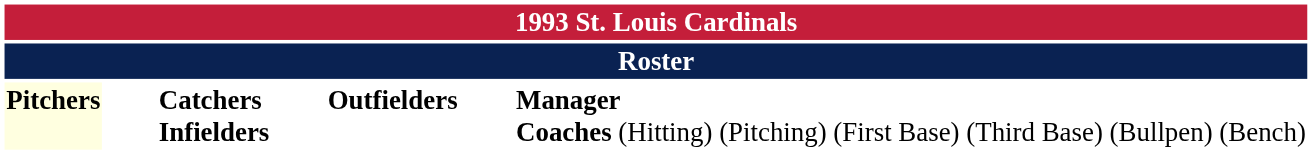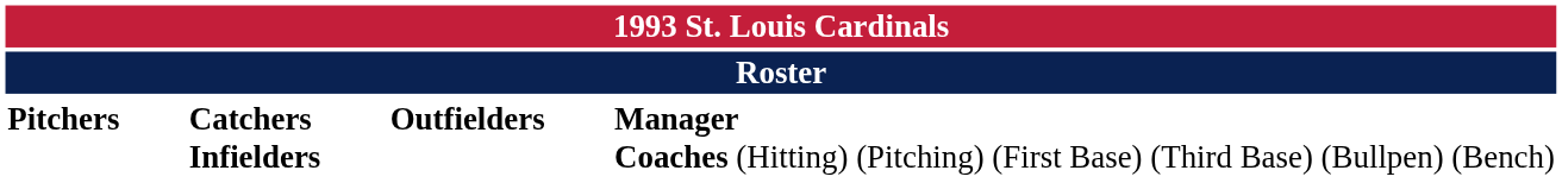 <table class="toccolours" style="font-size: 95%;">
 <tr>
 <th colspan="10" style="background-color: #c41e3a; color: #FFFFFF; text-align: center;">1993 St. Louis Cardinals</th>
 </tr>
 <tr>
 <td colspan="10" style="background-color: #0a2252; color: #FFFFFF; text-align: center;"><strong>Roster</strong></td>
 </tr>
 <tr>
-<td valign="top" style="background: lightyellow;"><strong>Pitchers</strong><br>                </td>
+<td valign="top"><strong>Pitchers</strong><br>                </td>
 <td width="25px"></td>
 <td valign="top"><strong>Catchers</strong><br>    <strong>Infielders</strong>           </td>
 <td width="25px"></td>
 <td valign="top"><strong>Outfielders</strong><br>      </td>
 <td width="25px"></td>
 <td valign="top"><strong>Manager</strong><br> <strong>Coaches</strong>  (Hitting)  (Pitching)  (First Base)  (Third Base)  (Bullpen)  (Bench)</td>
 </tr>
 </table>
